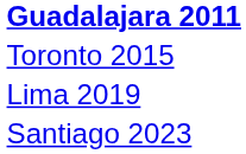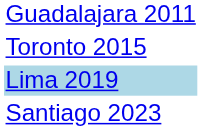 <table>
 <tr>
 <td></td>
 <td></td>
 <td></td>
 <td></td>
 </tr>
 <tr>
-<td><strong><a href='#'>Guadalajara 2011</a></strong></td>
+<td><a href='#'>Guadalajara 2011</a></td>
 <td></td>
 <td></td>
 <td></td>
 </tr>
 <tr>
 <td><a href='#'>Toronto 2015</a></td>
 <td></td>
 <td></td>
 <td></td>
 </tr>
 <tr>
-<td><a href='#'>Lima 2019</a></td>
+<td style="background: lightblue;"><a href='#'>Lima 2019</a></td>
 <td></td>
 <td></td>
 <td></td>
 </tr>
 <tr>
 <td><a href='#'>Santiago 2023</a></td>
 <td></td>
 <td></td>
 <td></td>
 </tr>
 </table>
